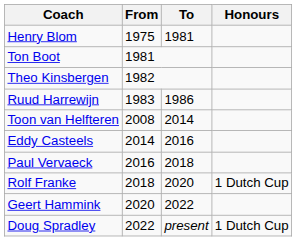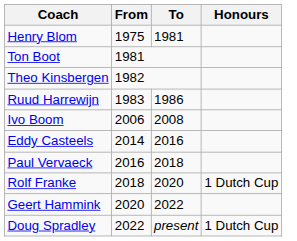 <table class="wikitable">
 <tr>
 <th>Coach</th>
 <th>From</th>
 <th>To</th>
 <th>Honours</th>
 </tr>
 <tr>
 <td> <a href='#'>Henry Blom</a></td>
 <td>1975</td>
 <td>1981</td>
 <td></td>
 </tr>
 <tr>
 <td> <a href='#'>Ton Boot</a></td>
 <td colspan=2>1981</td>
 <td></td>
 </tr>
 <tr>
 <td> <a href='#'>Theo Kinsbergen</a></td>
 <td colspan=2>1982</td>
 <td></td>
 </tr>
 <tr>
 <td> <a href='#'>Ruud Harrewijn</a></td>
 <td>1983</td>
 <td>1986</td>
 <td></td>
 </tr>
 <tr>
-<td> <a href='#'>Toon van Helfteren</a></td>
+<td> <a href='#'>Ivo Boom</a></td>
+<td>2006</td>
 <td>2008</td>
-<td>2014</td>
 <td></td>
 </tr>
 <tr>
 <td> <a href='#'>Eddy Casteels</a></td>
 <td>2014</td>
 <td>2016</td>
 <td></td>
 </tr>
 <tr>
 <td> <a href='#'>Paul Vervaeck</a></td>
 <td>2016</td>
 <td>2018</td>
 <td></td>
 </tr>
 <tr>
 <td> <a href='#'>Rolf Franke</a></td>
 <td>2018</td>
 <td>2020</td>
 <td>1 Dutch Cup</td>
 </tr>
 <tr>
 <td> <a href='#'>Geert Hammink</a></td>
 <td>2020</td>
 <td>2022</td>
 <td></td>
 </tr>
 <tr>
 <td>  <a href='#'>Doug Spradley</a></td>
 <td>2022</td>
 <td><em>present</em></td>
 <td>1 Dutch Cup</td>
 </tr>
 </table>
